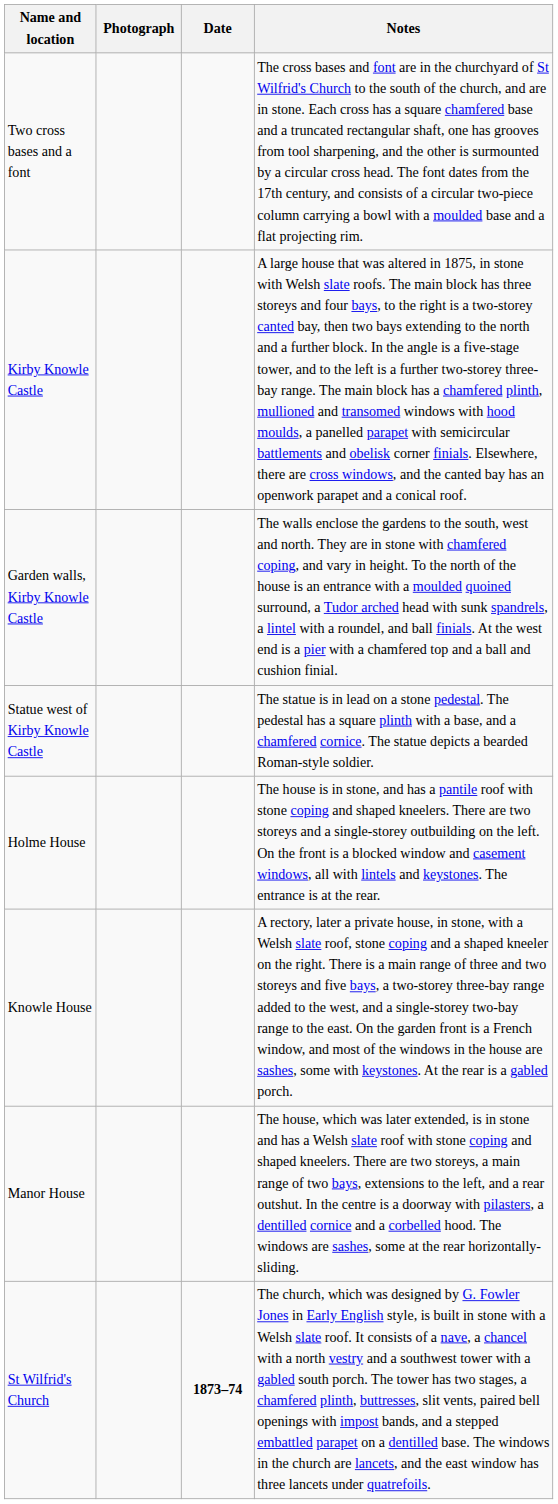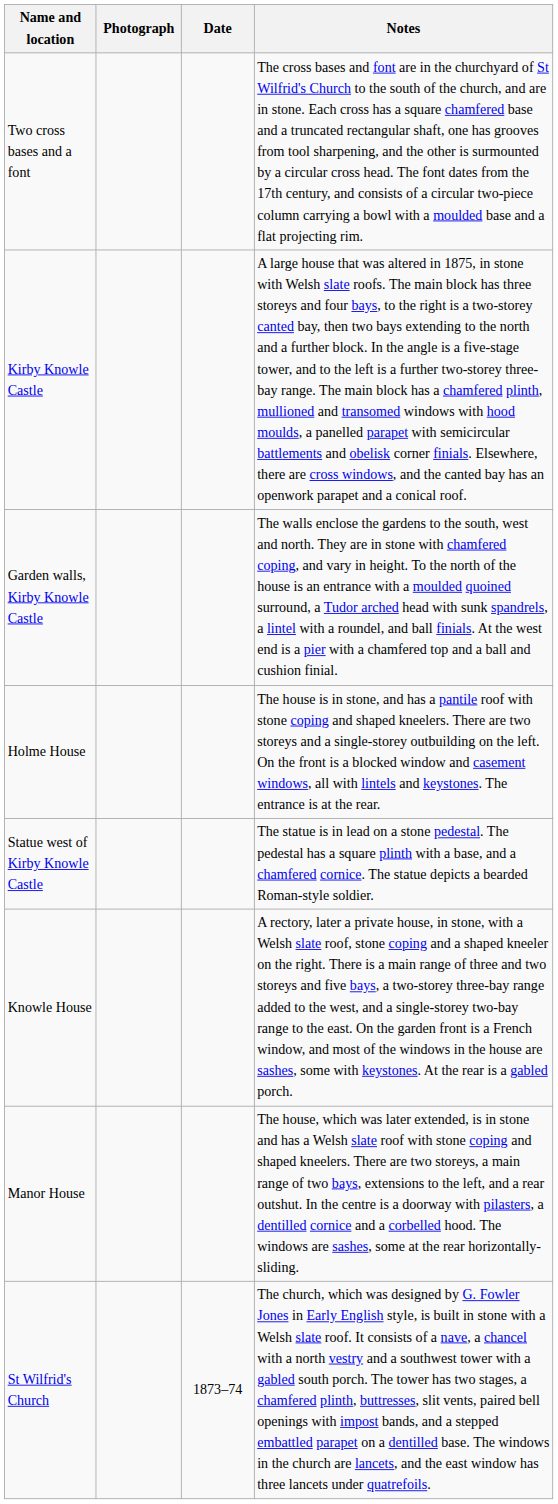 <table class="wikitable sortable plainrowheaders" style="width:100%;border:0px;text-align:left;line-height:150%;">
 <tr>
 <th scope="col"  style="width:150px">Name and location</th>
 <th scope="col"  style="width:100px" class="unsortable">Photograph</th>
 <th scope="col"  style="width:120px">Date</th>
 <th scope="col"  style="width:650px" class="unsortable">Notes</th>
 </tr>
 <tr>
 <td>Two cross bases and a font<br><small></small></td>
 <td></td>
 <td align="center"></td>
 <td>The cross bases and <a href='#'>font</a> are in the churchyard of <a href='#'>St Wilfrid's Church</a> to the south of the church, and are in stone. Each cross has a square <a href='#'>chamfered</a> base and a truncated rectangular shaft, one has grooves from tool sharpening, and the other is surmounted by a circular cross head. The font dates from the 17th century, and consists of a circular two-piece column carrying a bowl with a <a href='#'>moulded</a> base and a flat projecting rim.</td>
 </tr>
 <tr>
 <td><a href='#'>Kirby Knowle Castle</a><br><small></small></td>
 <td></td>
 <td align="center"></td>
 <td>A large house that was altered in 1875, in stone with Welsh <a href='#'>slate</a> roofs. The main block has three storeys and four <a href='#'>bays</a>, to the right is a two-storey <a href='#'>canted</a> bay, then two bays extending to the north and a further block. In the angle is a five-stage tower, and to the left is a further two-storey three-bay range. The main block has a <a href='#'>chamfered</a> <a href='#'>plinth</a>, <a href='#'>mullioned</a> and <a href='#'>transomed</a> windows with <a href='#'>hood moulds</a>, a panelled <a href='#'>parapet</a> with semicircular <a href='#'>battlements</a> and <a href='#'>obelisk</a> corner <a href='#'>finials</a>. Elsewhere, there are <a href='#'>cross windows</a>, and the canted bay has an openwork parapet and a conical roof.</td>
 </tr>
 <tr>
 <td>Garden walls, <a href='#'>Kirby Knowle Castle</a><br><small></small></td>
 <td></td>
 <td align="center"></td>
 <td>The walls enclose the gardens to the south, west and north. They are in stone with <a href='#'>chamfered</a> <a href='#'>coping</a>, and vary in height. To the north of the house is an entrance with a <a href='#'>moulded</a> <a href='#'>quoined</a> surround, a <a href='#'>Tudor arched</a> head with sunk <a href='#'>spandrels</a>, a <a href='#'>lintel</a> with a roundel, and ball <a href='#'>finials</a>. At the west end is a <a href='#'>pier</a> with a chamfered top and a ball and cushion finial.</td>
 </tr>
 <tr>
+<td>Holme House<br><small></small></td>
+<td></td>
+<td align="center"></td>
+<td>The house is in stone, and has a <a href='#'>pantile</a> roof with stone <a href='#'>coping</a> and shaped kneelers. There are two storeys and a single-storey outbuilding on the left. On the front is a blocked window and <a href='#'>casement windows</a>, all with <a href='#'>lintels</a> and <a href='#'>keystones</a>. The entrance is at the rear.</td>
+</tr>
+<tr>
 <td>Statue west of <a href='#'>Kirby Knowle Castle</a><br><small></small></td>
 <td></td>
 <td align="center"></td>
 <td>The statue is in lead on a stone <a href='#'>pedestal</a>. The pedestal has a square <a href='#'>plinth</a> with a base, and a <a href='#'>chamfered</a> <a href='#'>cornice</a>. The statue depicts a bearded Roman-style soldier.</td>
-</tr>
-<tr>
-<td>Holme House<br><small></small></td>
-<td></td>
-<td align="center"></td>
-<td>The house is in stone, and has a <a href='#'>pantile</a> roof with stone <a href='#'>coping</a> and shaped kneelers. There are two storeys and a single-storey outbuilding on the left. On the front is a blocked window and <a href='#'>casement windows</a>, all with <a href='#'>lintels</a> and <a href='#'>keystones</a>. The entrance is at the rear.</td>
 </tr>
 <tr>
 <td>Knowle House<br><small></small></td>
 <td></td>
 <td align="center"></td>
 <td>A rectory, later a private house, in stone, with a Welsh <a href='#'>slate</a> roof, stone <a href='#'>coping</a> and a shaped kneeler on the right. There is a main range of three and two storeys and five <a href='#'>bays</a>, a two-storey three-bay range added to the west, and a single-storey two-bay range to the east. On the garden front is a French window, and most of the windows in the house are <a href='#'>sashes</a>, some with <a href='#'>keystones</a>. At the rear is a <a href='#'>gabled</a> porch.</td>
 </tr>
 <tr>
 <td>Manor House<br><small></small></td>
 <td></td>
 <td align="center"></td>
 <td>The house, which was later extended, is in stone and has a Welsh <a href='#'>slate</a> roof with stone <a href='#'>coping</a> and shaped kneelers. There are two storeys, a main range of two <a href='#'>bays</a>, extensions to the left, and a rear outshut. In the centre is a doorway with <a href='#'>pilasters</a>, a <a href='#'>dentilled</a> <a href='#'>cornice</a> and a <a href='#'>corbelled</a> hood. The windows are <a href='#'>sashes</a>, some at the rear horizontally-sliding.</td>
 </tr>
 <tr>
 <td><a href='#'>St Wilfrid's Church</a><br><small></small></td>
 <td></td>
-<td align="center"><strong>1873–74</strong></td>
+<td align="center">1873–74</td>
 <td>The church, which was designed by <a href='#'>G. Fowler Jones</a> in <a href='#'>Early English</a> style, is built in stone with a Welsh <a href='#'>slate</a> roof. It consists of a <a href='#'>nave</a>, a <a href='#'>chancel</a> with a north <a href='#'>vestry</a> and a southwest tower with a <a href='#'>gabled</a> south porch. The tower has two stages, a <a href='#'>chamfered</a> <a href='#'>plinth</a>, <a href='#'>buttresses</a>, slit vents, paired bell openings with <a href='#'>impost</a> bands, and a stepped <a href='#'>embattled</a> <a href='#'>parapet</a> on a <a href='#'>dentilled</a> base.  The windows in the church are <a href='#'>lancets</a>, and the east window has three lancets under <a href='#'>quatrefoils</a>.</td>
 </tr>
 <tr>
 </tr>
 </table>
